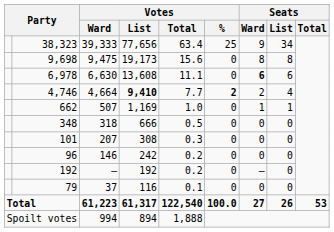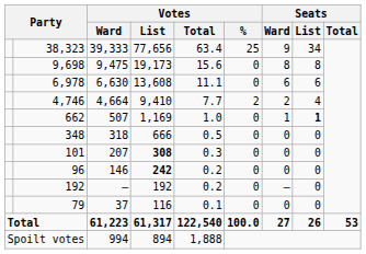 <table class=wikitable style="text-align:right">
 <tr>
 <th rowspan="2" colspan="2">Party</th>
 <th colspan="4" align="center">Votes</th>
 <th colspan="3" align="center">Seats</th>
 </tr>
 <tr>
 <th>Ward</th>
 <th>List</th>
 <th>Total</th>
 <th>%</th>
 <th>Ward</th>
 <th>List</th>
 <th>Total</th>
 </tr>
 <tr>
 <td></td>
 <td>38,323</td>
 <td>39,333</td>
 <td>77,656</td>
 <td>63.4</td>
 <td>25</td>
 <td>9</td>
 <td>34</td>
 </tr>
 <tr>
 <td></td>
 <td>9,698</td>
 <td>9,475</td>
 <td>19,173</td>
 <td>15.6</td>
 <td>0</td>
 <td>8</td>
 <td>8</td>
 </tr>
 <tr>
 <td></td>
 <td>6,978</td>
 <td>6,630</td>
 <td>13,608</td>
 <td>11.1</td>
 <td>0</td>
-<td><strong>6</strong></td>
+<td>6</td>
 <td>6</td>
 </tr>
 <tr>
 <td></td>
 <td>4,746</td>
 <td>4,664</td>
-<td><strong>9,410</strong></td>
+<td>9,410</td>
 <td>7.7</td>
-<td><strong>2</strong></td>
+<td>2</td>
 <td>2</td>
 <td>4</td>
 </tr>
 <tr>
 <td></td>
 <td>662</td>
 <td>507</td>
 <td>1,169</td>
 <td>1.0</td>
 <td>0</td>
 <td>1</td>
-<td>1</td>
+<td><strong>1</strong></td>
 </tr>
 <tr>
 <td></td>
 <td>348</td>
 <td>318</td>
 <td>666</td>
 <td>0.5</td>
 <td>0</td>
 <td>0</td>
 <td>0</td>
 </tr>
 <tr>
 <td></td>
 <td>101</td>
 <td>207</td>
-<td>308</td>
+<td><strong>308</strong></td>
 <td>0.3</td>
 <td>0</td>
 <td>0</td>
 <td>0</td>
 </tr>
 <tr>
 <td></td>
 <td>96</td>
 <td>146</td>
-<td>242</td>
+<td><strong>242</strong></td>
 <td>0.2</td>
 <td>0</td>
 <td>0</td>
 <td>0</td>
 </tr>
 <tr>
 <td></td>
 <td>192</td>
 <td>–</td>
 <td>192</td>
 <td>0.2</td>
 <td>0</td>
 <td>–</td>
 <td>0</td>
 </tr>
 <tr>
 <td></td>
 <td>79</td>
 <td>37</td>
 <td>116</td>
 <td>0.1</td>
 <td>0</td>
 <td>0</td>
 <td>0</td>
 </tr>
 <tr>
 <td colspan="2" style="text-align:left"><strong>Total</strong></td>
 <td><strong>61,223</strong></td>
 <td><strong>61,317</strong></td>
 <td><strong>122,540</strong></td>
 <td><strong>100.0</strong></td>
 <td><strong>27</strong></td>
 <td><strong>26</strong></td>
 <td><strong>53</strong></td>
 </tr>
 <tr>
 <td colspan="2" style="text-align:left">Spoilt votes</td>
 <td>994</td>
 <td>894</td>
 <td>1,888</td>
 </tr>
 </table>
